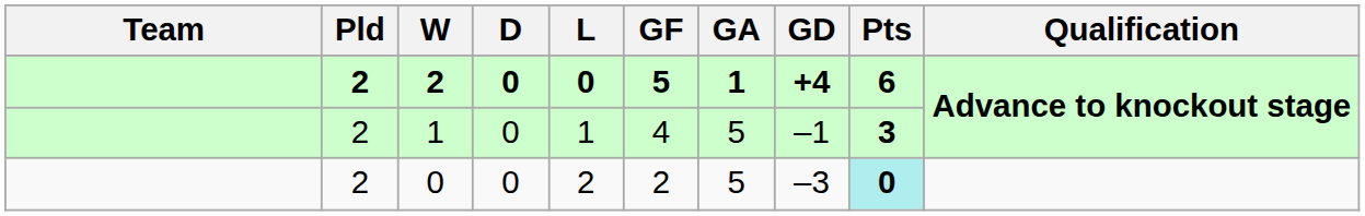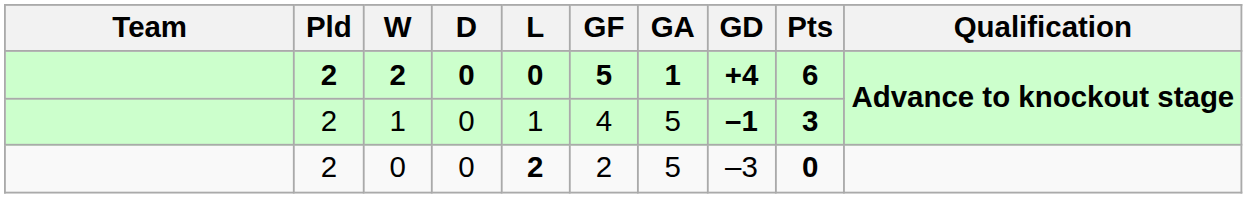 <table class="wikitable" style="text-align:center;">
 <tr>
 <th width=150>Team</th>
 <th width=30>Pld</th>
 <th width=30>W</th>
 <th width=30>D</th>
 <th width=30>L</th>
 <th width=30>GF</th>
 <th width=30>GA</th>
 <th width=30>GD</th>
 <th width=30>Pts</th>
 <th>Qualification</th>
 </tr>
 <tr bgcolor=#ccffcc>
 <td align=left><strong></strong></td>
 <td><strong>2</strong></td>
 <td><strong>2</strong></td>
 <td><strong>0</strong></td>
 <td><strong>0</strong></td>
 <td><strong>5</strong></td>
 <td><strong>1</strong></td>
 <td><strong>+4</strong></td>
 <td><strong>6</strong></td>
 <td rowspan=2><strong>Advance to knockout stage</strong></td>
 </tr>
 <tr bgcolor=#ccffcc>
 <td align=left></td>
 <td>2</td>
 <td>1</td>
 <td>0</td>
 <td>1</td>
 <td>4</td>
 <td>5</td>
-<td>–1</td>
+<td><strong>–1</strong></td>
 <td><strong>3</strong></td>
 </tr>
 <tr>
 <td align=left></td>
 <td>2</td>
 <td>0</td>
 <td>0</td>
-<td>2</td>
+<td><strong>2</strong></td>
 <td>2</td>
 <td>5</td>
 <td>–3</td>
-<td style="background: paleturquoise;"><strong>0</strong></td>
+<td><strong>0</strong></td>
 <td></td>
 </tr>
 </table>
